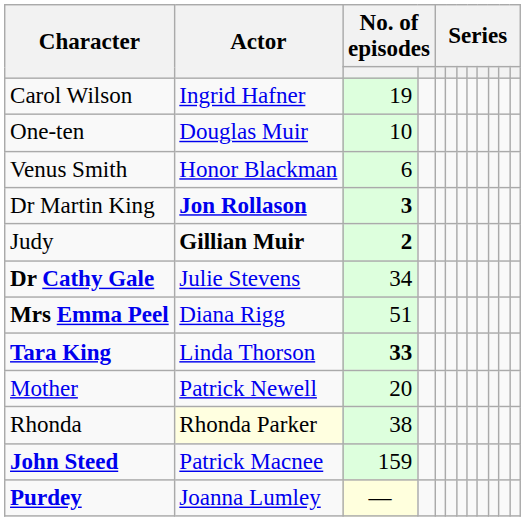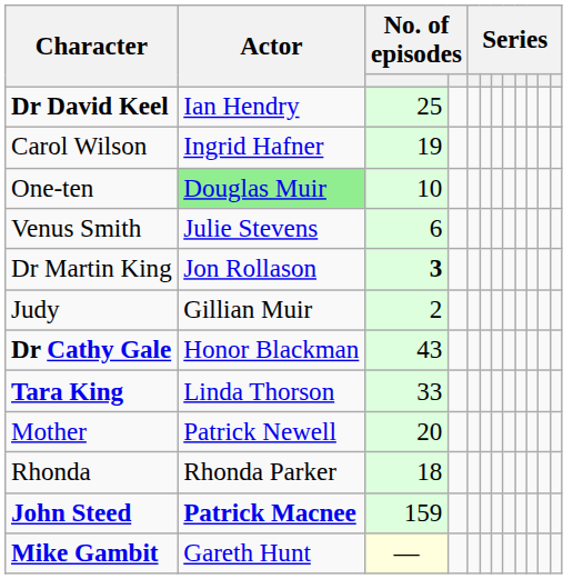 <table class="wikitable sortable">
 <tr>
 <th rowspan="2">Character</th>
 <th rowspan="2">Actor</th>
 <th colspan="2">No. of<br>episodes</th>
 <th colspan="8">Series</th>
 </tr>
 <tr>
 <th></th>
 <th></th>
 <th></th>
 <th></th>
 <th></th>
 <th></th>
 <th></th>
 <th></th>
 <th></th>
 <th></th>
 </tr>
 <tr>
+<td data-sort-value=Keel><strong>Dr David Keel</strong></td>
+<td data-sort-value=Hendry><a href='#'>Ian Hendry</a></td>
+<td style="background: #DFD; text-align: right;">25</td>
+<td></td>
+<td></td>
+<td></td>
+<td></td>
+<td></td>
+<td></td>
+<td></td>
+<td></td>
+<td></td>
+</tr>
+<tr>
 <td data-sort-value=Wilson>Carol Wilson</td>
 <td data-sort-value=Hafner><a href='#'>Ingrid Hafner</a></td>
 <td style="background: #DFD; text-align: right;">19</td>
 <td></td>
 <td></td>
 <td></td>
 <td></td>
 <td></td>
 <td></td>
 <td></td>
 <td></td>
 <td></td>
 </tr>
 <tr>
 <td data-sort-value=One-ten>One-ten</td>
-<td data-sort-value=Muir><a href='#'>Douglas Muir</a></td>
+<td data-sort-value=Muir style="background: lightgreen;"><a href='#'>Douglas Muir</a></td>
 <td style="background: #DFD; text-align: right;">10</td>
 <td></td>
 <td></td>
 <td></td>
 <td></td>
 <td></td>
 <td></td>
 <td></td>
 <td></td>
 <td></td>
 </tr>
 <tr>
 <td data-sort-value=Smith>Venus Smith</td>
-<td data-sort-value=Blackman><a href='#'>Honor Blackman</a></td>
+<td data-sort-value=Stevens><a href='#'>Julie Stevens</a></td>
 <td style="background: #DFD; text-align: right;">6</td>
 <td></td>
 <td></td>
 <td></td>
 <td></td>
 <td></td>
 <td></td>
 <td></td>
 <td></td>
 <td></td>
 </tr>
 <tr>
 <td data-sort-value=Keel>Dr Martin King</td>
-<td data-sort-value=Rollason><strong><a href='#'>Jon Rollason</a></strong></td>
+<td data-sort-value=Rollason><a href='#'>Jon Rollason</a></td>
 <td style="background: #DFD; text-align: right;"><strong>3</strong></td>
 <td></td>
 <td></td>
 <td></td>
 <td></td>
 <td></td>
 <td></td>
 <td></td>
 <td></td>
 <td></td>
 </tr>
 <tr>
 <td data-sort-value=Judy>Judy</td>
-<td data-sort-value=Muir><strong>Gillian Muir</strong></td>
-<td style="background: #DFD; text-align: right;"><strong>2</strong></td>
+<td data-sort-value=Muir>Gillian Muir</td>
+<td style="background: #DFD; text-align: right;">2</td>
 <td></td>
 <td></td>
 <td></td>
 <td></td>
 <td></td>
 <td></td>
 <td></td>
 <td></td>
 <td></td>
 </tr>
 <tr>
 <td data-sort-value=Gale><strong>Dr <a href='#'>Cathy Gale</a></strong></td>
-<td data-sort-value=Stevens><a href='#'>Julie Stevens</a></td>
-<td style="background: #DFD; text-align: right;">34</td>
-<td></td>
-<td></td>
-<td></td>
-<td></td>
-<td></td>
-<td></td>
-<td></td>
-<td></td>
-<td></td>
-</tr>
-<tr>
-<td data-sort-value=Peel><strong>Mrs <a href='#'>Emma Peel</a></strong></td>
-<td data-sort-value=Rigg><a href='#'>Diana Rigg</a></td>
-<td style="background: #DFD; text-align: right;">51</td>
+<td data-sort-value=Blackman><a href='#'>Honor Blackman</a></td>
+<td style="background: #DFD; text-align: right;">43</td>
 <td></td>
 <td></td>
 <td></td>
 <td></td>
 <td></td>
 <td></td>
 <td></td>
 <td></td>
 <td></td>
 </tr>
 <tr>
 <td data-sort-value=King><strong><a href='#'>Tara King</a></strong></td>
 <td data-sort-value=Thorson><a href='#'>Linda Thorson</a></td>
-<td style="background: #DFD; text-align: right;"><strong>33</strong></td>
+<td style="background: #DFD; text-align: right;">33</td>
 <td></td>
 <td></td>
 <td></td>
 <td></td>
 <td></td>
 <td></td>
 <td></td>
 <td></td>
 <td></td>
 </tr>
 <tr>
 <td data-sort-value=Mother><a href='#'>Mother</a></td>
 <td data-sort-value=Newell><a href='#'>Patrick Newell</a></td>
 <td style="background: #DFD; text-align: right;">20</td>
 <td></td>
 <td></td>
 <td></td>
 <td></td>
 <td></td>
 <td></td>
 <td></td>
 <td></td>
 <td></td>
 </tr>
 <tr>
 <td data-sort-value=Rhonda>Rhonda</td>
-<td data-sort-value=Parker style="background: lightyellow;">Rhonda Parker</td>
-<td style="background: #DFD; text-align: right;">38</td>
+<td data-sort-value=Parker>Rhonda Parker</td>
+<td style="background: #DFD; text-align: right;">18</td>
 <td></td>
 <td></td>
 <td></td>
 <td></td>
 <td></td>
 <td></td>
 <td></td>
 <td></td>
 <td></td>
 </tr>
 <tr>
 <td data-sort-value=Steed><strong><a href='#'>John Steed</a></strong></td>
-<td data-sort-value=Macnee><a href='#'>Patrick Macnee</a></td>
+<td data-sort-value=Macnee><strong><a href='#'>Patrick Macnee</a></strong></td>
 <td style="background: #DFD; text-align: right;">159</td>
 <td></td>
 <td></td>
 <td></td>
 <td></td>
 <td></td>
 <td></td>
 <td></td>
 <td></td>
 <td></td>
 </tr>
 <tr>
-<td data-sort-value=Purdey><strong><a href='#'>Purdey</a></strong></td>
-<td data-sort-value=Lumley><a href='#'>Joanna Lumley</a></td>
+<td data-sort-value=Gambit><strong><a href='#'>Mike Gambit</a></strong></td>
+<td data-sort-value=Hunt><a href='#'>Gareth Hunt</a></td>
 <td style="background: #FFD; text-align: center;">—</td>
 <td></td>
 <td></td>
 <td></td>
 <td></td>
 <td></td>
 <td></td>
 <td></td>
 <td></td>
 <td></td>
 </tr>
 </table>
